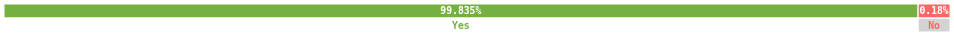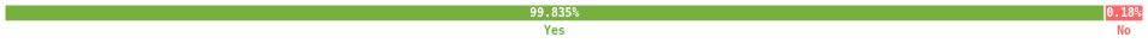 <table style="width:100%; font-weight:bold; text-align:center">
 <tr style="color:white;">
 <td style="background:#75B040; width:99.835%; ">99.835%</td>
 <td style="background:#f66; width:0.18%; ">0.18%</td>
 </tr>
 <tr>
 <td style="color:#75B040;">Yes</td>
-<td style="background: lightgrey; color:#f66;">No</td>
+<td style="color:#f66;">No</td>
 </tr>
 </table>
